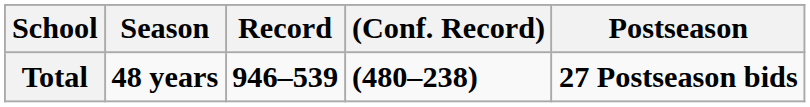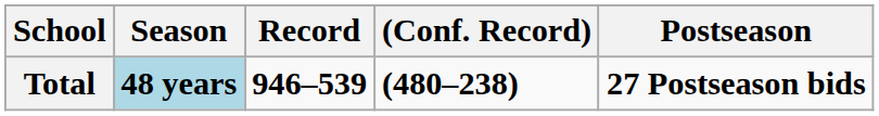 <table class="wikitable">
 <tr>
 <th>School</th>
 <th>Season</th>
 <th>Record</th>
 <th>(Conf. Record)</th>
 <th>Postseason</th>
 </tr>
 <tr>
 <th>Total</th>
-<td><strong>48 years</strong></td>
+<td style="background: lightblue;"><strong>48 years</strong></td>
 <td><strong>946–539</strong></td>
 <td><strong>(480–238)</strong></td>
 <td><strong>27 Postseason bids</strong></td>
 </tr>
 </table>
